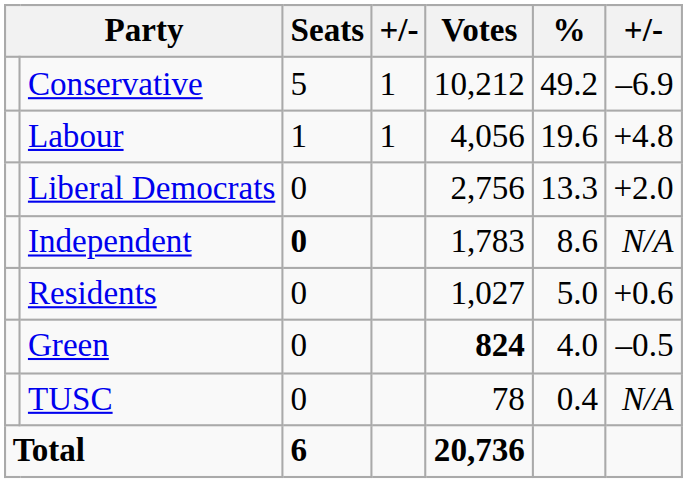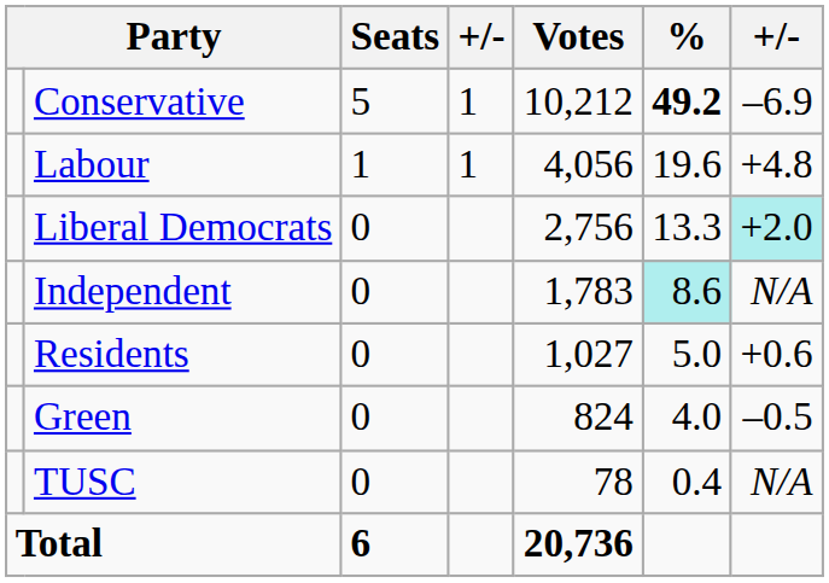 <table class="wikitable sortable">
 <tr>
 <th colspan="2">Party</th>
 <th>Seats</th>
 <th>+/-</th>
 <th>Votes</th>
 <th>%</th>
 <th>+/-</th>
 </tr>
 <tr>
 <td style="background-color: "></td>
 <td><a href='#'>Conservative</a></td>
 <td>5</td>
 <td> 1</td>
 <td style="text-align:right;">10,212</td>
-<td style="text-align:right;">49.2</td>
+<td style="text-align:right;"><strong>49.2</strong></td>
 <td style="text-align:right;">–6.9</td>
 </tr>
 <tr>
 <td style="background-color: "></td>
 <td><a href='#'>Labour</a></td>
 <td>1</td>
 <td> 1</td>
 <td style="text-align:right;">4,056</td>
 <td style="text-align:right;">19.6</td>
 <td style="text-align:right;">+4.8</td>
 </tr>
 <tr>
 <td style="background-color: "></td>
 <td><a href='#'>Liberal Democrats</a></td>
 <td>0</td>
 <td></td>
 <td style="text-align:right;">2,756</td>
 <td style="text-align:right;">13.3</td>
-<td style="text-align:right;">+2.0</td>
+<td style="background: paleturquoise; text-align:right;">+2.0</td>
 </tr>
 <tr>
 <td style="background-color: "></td>
 <td><a href='#'>Independent</a></td>
-<td><strong>0</strong></td>
+<td>0</td>
 <td></td>
 <td style="text-align:right;">1,783</td>
-<td style="text-align:right;">8.6</td>
+<td style="background: paleturquoise; text-align:right;">8.6</td>
 <td style="text-align:right;"><em>N/A</em></td>
 </tr>
 <tr>
 <td style="background-color: "></td>
 <td><a href='#'>Residents</a></td>
 <td>0</td>
 <td></td>
 <td style="text-align:right;">1,027</td>
 <td style="text-align:right;">5.0</td>
 <td style="text-align:right;">+0.6</td>
 </tr>
 <tr>
 <td style="background-color: "></td>
 <td><a href='#'>Green</a></td>
 <td>0</td>
 <td></td>
-<td style="text-align:right;"><strong>824</strong></td>
+<td style="text-align:right;">824</td>
 <td style="text-align:right;">4.0</td>
 <td style="text-align:right;">–0.5</td>
 </tr>
 <tr>
 <td style="background-color: "></td>
 <td><a href='#'>TUSC</a></td>
 <td>0</td>
 <td></td>
 <td style="text-align:right;">78</td>
 <td style="text-align:right;">0.4</td>
 <td style="text-align:right;"><em>N/A</em></td>
 </tr>
 <tr>
 <td colspan="2"><strong>Total</strong></td>
 <td><strong>6</strong></td>
 <td></td>
 <td style="text-align:right;"><strong>20,736</strong></td>
 <td style="text-align:right;"></td>
 <td style="text-align:right;"></td>
 </tr>
 </table>
